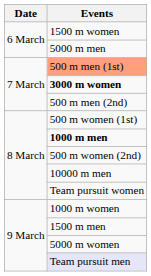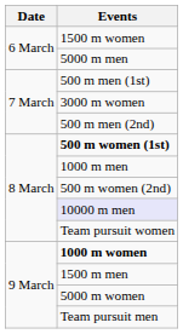 <table class="wikitable" border="1">
 <tr>
 <th>Date</th>
 <th>Events</th>
 </tr>
 <tr>
 <td rowspan=2>6 March</td>
 <td>1500 m women</td>
 </tr>
 <tr>
 <td>5000 m men</td>
 </tr>
 <tr>
 <td rowspan=3>7 March</td>
-<td style="background: lightsalmon;">500 m men (1st)</td>
+<td>500 m men (1st)</td>
 </tr>
 <tr>
-<td><strong>3000 m women</strong></td>
+<td>3000 m women</td>
 </tr>
 <tr>
 <td>500 m men (2nd)</td>
 </tr>
 <tr>
 <td rowspan=5>8 March</td>
-<td>500 m women (1st)</td>
+<td><strong>500 m women (1st)</strong></td>
 </tr>
 <tr>
-<td><strong>1000 m men</strong></td>
+<td>1000 m men</td>
 </tr>
 <tr>
 <td>500 m women (2nd)</td>
 </tr>
 <tr>
-<td>10000 m men</td>
+<td style="background: lavender;">10000 m men</td>
 </tr>
 <tr>
 <td>Team pursuit women</td>
 </tr>
 <tr>
 <td rowspan=5>9 March</td>
-<td>1000 m women</td>
+<td><strong>1000 m women</strong></td>
 </tr>
 <tr>
 <td>1500 m men</td>
 </tr>
 <tr>
 <td>5000 m women</td>
 </tr>
 <tr>
-<td style="background: lavender;">Team pursuit men</td>
+<td>Team pursuit men</td>
 </tr>
 </table>
